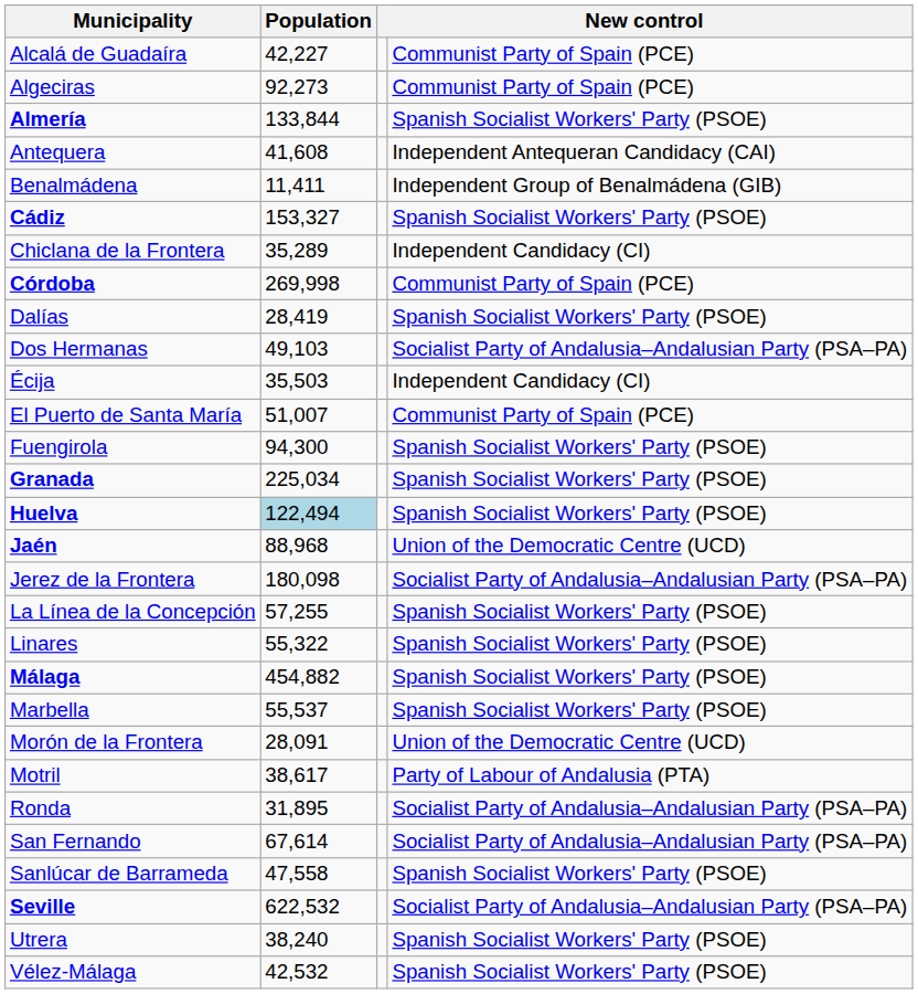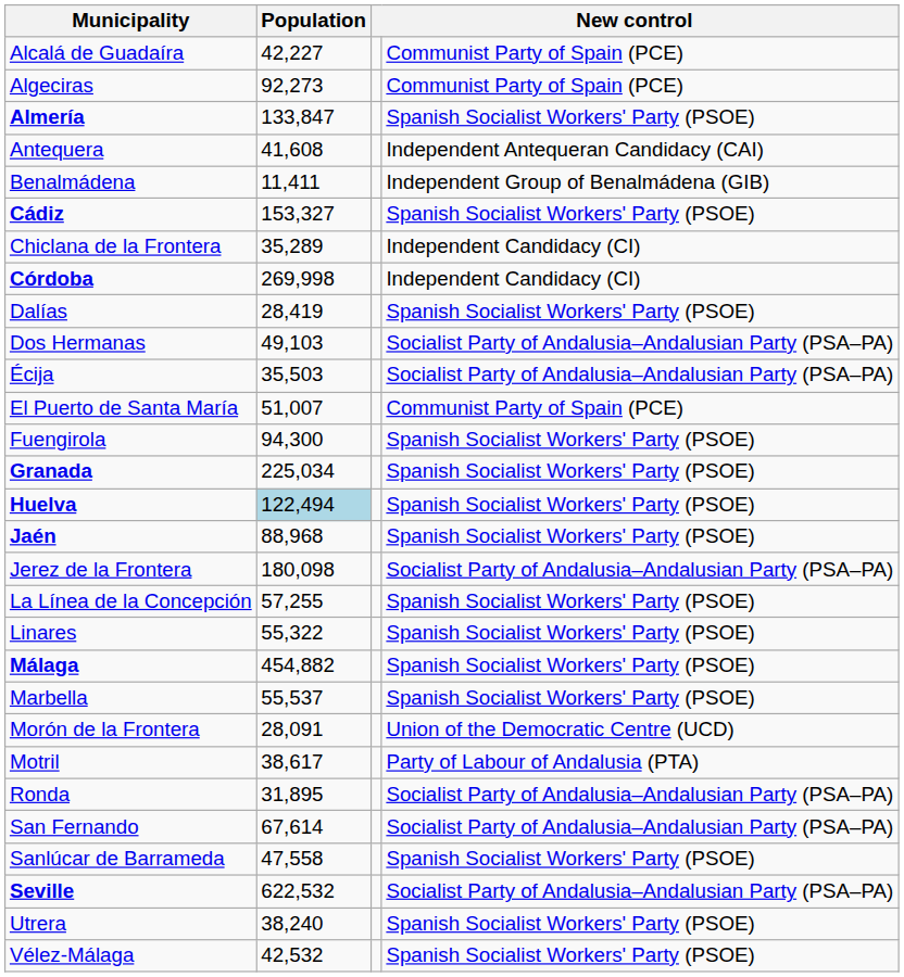 <table class="wikitable sortable">
 <tr>
 <th>Municipality</th>
 <th>Population</th>
 <th colspan="2" style="width:375px;">New control</th>
 </tr>
 <tr>
 <td><a href='#'>Alcalá de Guadaíra</a></td>
 <td>42,227</td>
 <td width="1" style="color:inherit;background:"></td>
 <td><a href='#'>Communist Party of Spain</a> (PCE)</td>
 </tr>
 <tr>
 <td><a href='#'>Algeciras</a></td>
 <td>92,273</td>
 <td style="color:inherit;background:"></td>
 <td><a href='#'>Communist Party of Spain</a> (PCE)</td>
 </tr>
 <tr>
 <td><strong><a href='#'>Almería</a></strong></td>
-<td>133,844</td>
+<td>133,847</td>
 <td style="color:inherit;background:"></td>
 <td><a href='#'>Spanish Socialist Workers' Party</a> (PSOE)</td>
 </tr>
 <tr>
 <td><a href='#'>Antequera</a></td>
 <td>41,608</td>
 <td style="color:inherit;background:"></td>
 <td>Independent Antequeran Candidacy (CAI)</td>
 </tr>
 <tr>
 <td><a href='#'>Benalmádena</a></td>
 <td>11,411</td>
 <td style="color:inherit;background:"></td>
 <td>Independent Group of Benalmádena (GIB)</td>
 </tr>
 <tr>
 <td><strong><a href='#'>Cádiz</a></strong></td>
 <td>153,327</td>
 <td style="color:inherit;background:"></td>
 <td><a href='#'>Spanish Socialist Workers' Party</a> (PSOE)</td>
 </tr>
 <tr>
 <td><a href='#'>Chiclana de la Frontera</a></td>
 <td>35,289</td>
 <td style="color:inherit;background:"></td>
 <td>Independent Candidacy (CI)</td>
 </tr>
 <tr>
 <td><strong><a href='#'>Córdoba</a></strong></td>
 <td>269,998</td>
 <td style="color:inherit;background:"></td>
-<td><a href='#'>Communist Party of Spain</a> (PCE)</td>
+<td>Independent Candidacy (CI)</td>
 </tr>
 <tr>
 <td><a href='#'>Dalías</a></td>
 <td>28,419</td>
 <td style="color:inherit;background:"></td>
 <td><a href='#'>Spanish Socialist Workers' Party</a> (PSOE) </td>
 </tr>
 <tr>
 <td><a href='#'>Dos Hermanas</a></td>
 <td>49,103</td>
 <td style="color:inherit;background:"></td>
 <td><a href='#'>Socialist Party of Andalusia–Andalusian Party</a> (PSA–PA)</td>
 </tr>
 <tr>
 <td><a href='#'>Écija</a></td>
 <td>35,503</td>
 <td style="color:inherit;background:"></td>
-<td>Independent Candidacy (CI)</td>
+<td><a href='#'>Socialist Party of Andalusia–Andalusian Party</a> (PSA–PA)</td>
 </tr>
 <tr>
 <td><a href='#'>El Puerto de Santa María</a></td>
 <td>51,007</td>
 <td style="color:inherit;background:"></td>
 <td><a href='#'>Communist Party of Spain</a> (PCE)</td>
 </tr>
 <tr>
 <td><a href='#'>Fuengirola</a></td>
 <td>94,300</td>
 <td style="color:inherit;background:"></td>
 <td><a href='#'>Spanish Socialist Workers' Party</a> (PSOE)</td>
 </tr>
 <tr>
 <td><strong><a href='#'>Granada</a></strong></td>
 <td>225,034</td>
 <td style="color:inherit;background:"></td>
 <td><a href='#'>Spanish Socialist Workers' Party</a> (PSOE)</td>
 </tr>
 <tr>
 <td><strong><a href='#'>Huelva</a></strong></td>
 <td style="background: lightblue;">122,494</td>
 <td style="color:inherit;background:"></td>
 <td><a href='#'>Spanish Socialist Workers' Party</a> (PSOE)</td>
 </tr>
 <tr>
 <td><strong><a href='#'>Jaén</a></strong></td>
 <td>88,968</td>
 <td style="color:inherit;background:"></td>
-<td><a href='#'>Union of the Democratic Centre</a> (UCD)</td>
+<td><a href='#'>Spanish Socialist Workers' Party</a> (PSOE)</td>
 </tr>
 <tr>
 <td><a href='#'>Jerez de la Frontera</a></td>
 <td>180,098</td>
 <td style="color:inherit;background:"></td>
 <td><a href='#'>Socialist Party of Andalusia–Andalusian Party</a> (PSA–PA)</td>
 </tr>
 <tr>
 <td><a href='#'>La Línea de la Concepción</a></td>
 <td>57,255</td>
 <td style="color:inherit;background:"></td>
 <td><a href='#'>Spanish Socialist Workers' Party</a> (PSOE)</td>
 </tr>
 <tr>
 <td><a href='#'>Linares</a></td>
 <td>55,322</td>
 <td style="color:inherit;background:"></td>
 <td><a href='#'>Spanish Socialist Workers' Party</a> (PSOE)</td>
 </tr>
 <tr>
 <td><strong><a href='#'>Málaga</a></strong></td>
 <td>454,882</td>
 <td style="color:inherit;background:"></td>
 <td><a href='#'>Spanish Socialist Workers' Party</a> (PSOE)</td>
 </tr>
 <tr>
 <td><a href='#'>Marbella</a></td>
 <td>55,537</td>
 <td style="color:inherit;background:"></td>
 <td><a href='#'>Spanish Socialist Workers' Party</a> (PSOE)</td>
 </tr>
 <tr>
 <td><a href='#'>Morón de la Frontera</a></td>
 <td>28,091</td>
 <td style="color:inherit;background:"></td>
 <td><a href='#'>Union of the Democratic Centre</a> (UCD)</td>
 </tr>
 <tr>
 <td><a href='#'>Motril</a></td>
 <td>38,617</td>
 <td style="color:inherit;background:"></td>
 <td><a href='#'>Party of Labour of Andalusia</a> (PTA) </td>
 </tr>
 <tr>
 <td><a href='#'>Ronda</a></td>
 <td>31,895</td>
 <td style="color:inherit;background:"></td>
 <td><a href='#'>Socialist Party of Andalusia–Andalusian Party</a> (PSA–PA)</td>
 </tr>
 <tr>
 <td><a href='#'>San Fernando</a></td>
 <td>67,614</td>
 <td style="color:inherit;background:"></td>
 <td><a href='#'>Socialist Party of Andalusia–Andalusian Party</a> (PSA–PA)</td>
 </tr>
 <tr>
 <td><a href='#'>Sanlúcar de Barrameda</a></td>
 <td>47,558</td>
 <td style="color:inherit;background:"></td>
 <td><a href='#'>Spanish Socialist Workers' Party</a> (PSOE)</td>
 </tr>
 <tr>
 <td><strong><a href='#'>Seville</a></strong></td>
 <td>622,532</td>
 <td style="color:inherit;background:"></td>
 <td><a href='#'>Socialist Party of Andalusia–Andalusian Party</a> (PSA–PA)</td>
 </tr>
 <tr>
 <td><a href='#'>Utrera</a></td>
 <td>38,240</td>
 <td style="color:inherit;background:"></td>
 <td><a href='#'>Spanish Socialist Workers' Party</a> (PSOE)</td>
 </tr>
 <tr>
 <td><a href='#'>Vélez-Málaga</a></td>
 <td>42,532</td>
 <td style="color:inherit;background:"></td>
 <td><a href='#'>Spanish Socialist Workers' Party</a> (PSOE)</td>
 </tr>
 </table>
